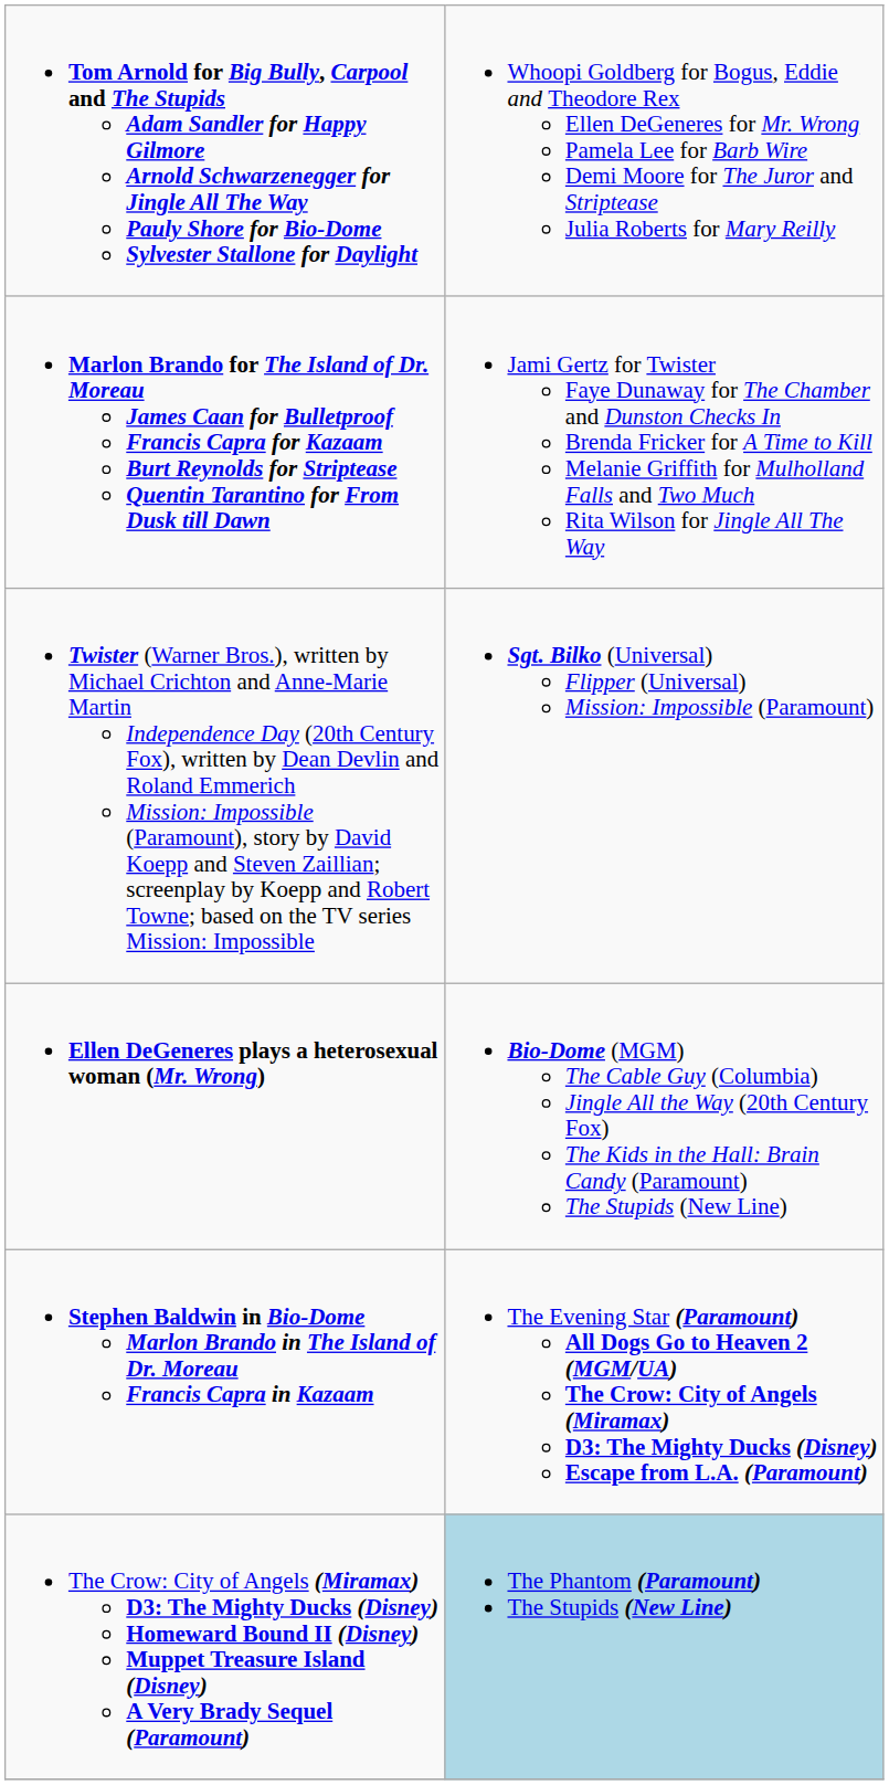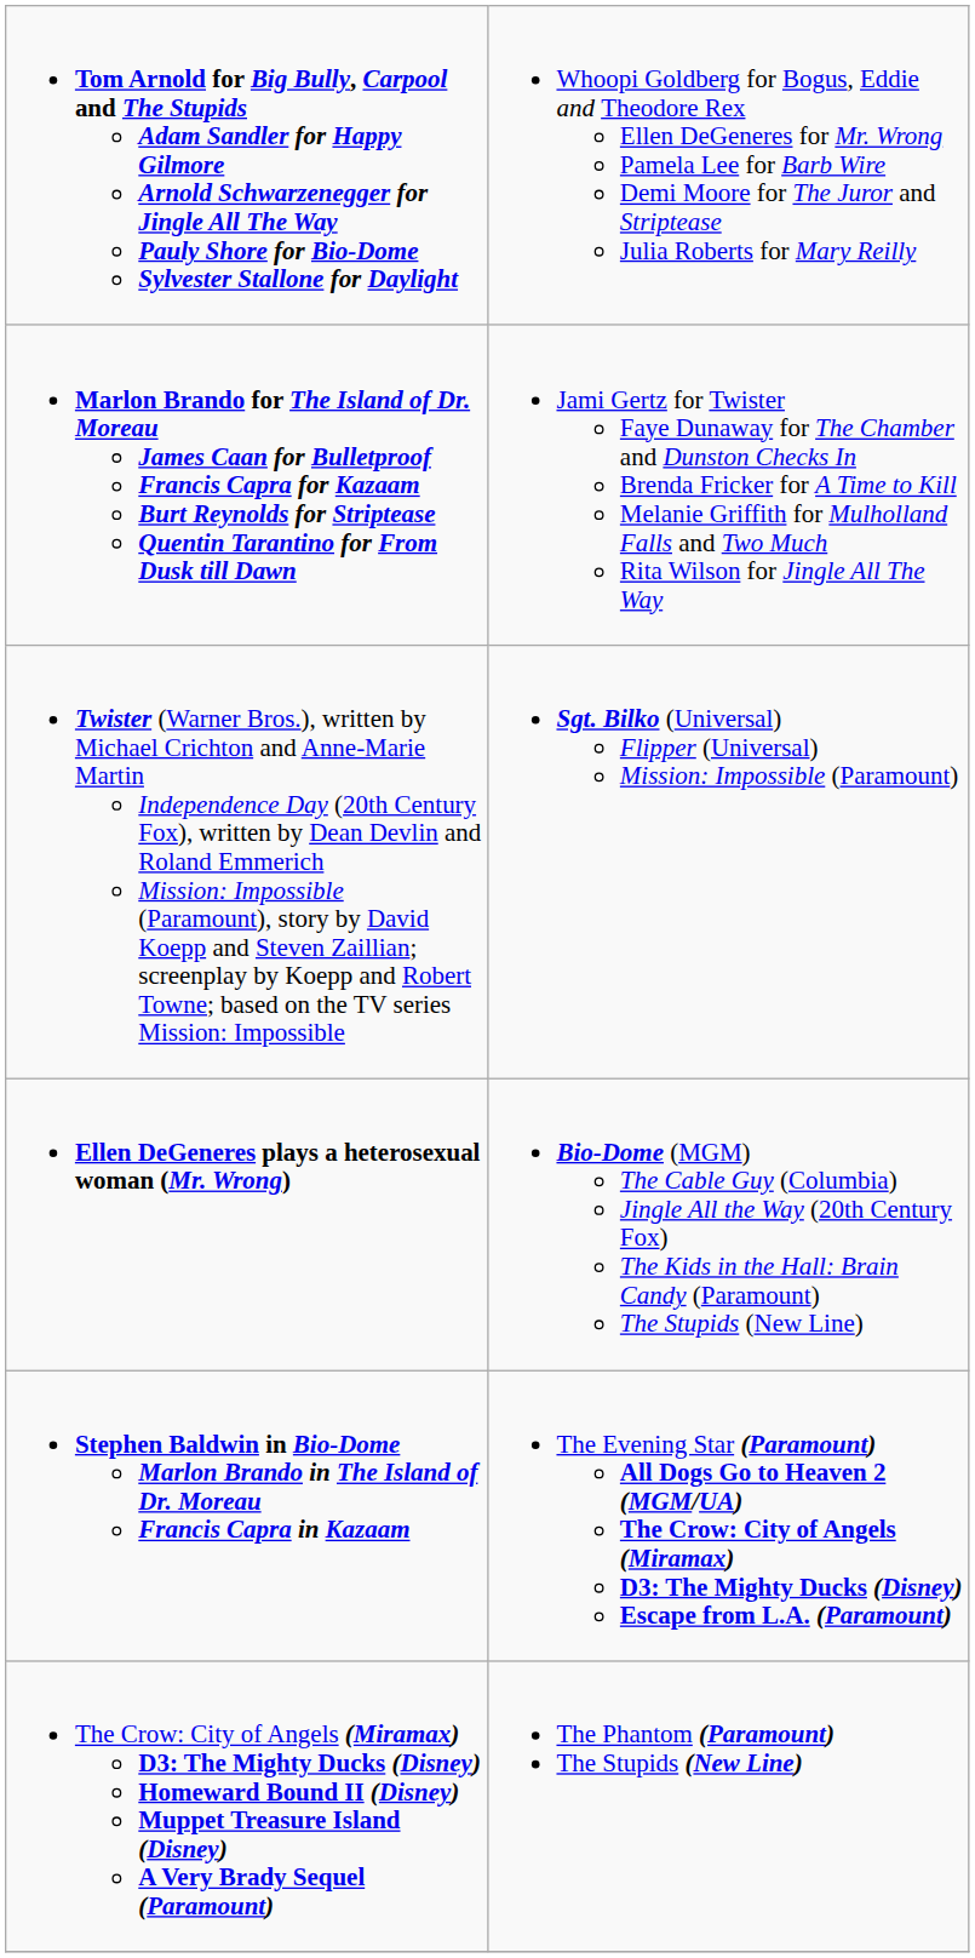 <table class=wikitable>
 <tr>
 <td valign="top" width="50%"><br><ul><li><strong><a href='#'>Tom Arnold</a> for <em><a href='#'>Big Bully</a></em>, <em><a href='#'>Carpool</a></em> and <em><a href='#'>The Stupids</a><strong><em><ul><li><a href='#'>Adam Sandler</a> for </em><a href='#'>Happy Gilmore</a><em></li><li><a href='#'>Arnold Schwarzenegger</a> for </em><a href='#'>Jingle All The Way</a><em></li><li><a href='#'>Pauly Shore</a> for </em><a href='#'>Bio-Dome</a><em></li><li><a href='#'>Sylvester Stallone</a> for </em><a href='#'>Daylight</a><em></li></ul></li></ul></td>
 <td valign="top" width="50%"><br><ul><li></strong><a href='#'>Whoopi Goldberg</a> for </em><a href='#'>Bogus</a><em>, </em><a href='#'>Eddie</a><em> and </em><a href='#'>Theodore Rex</a></em></strong><ul><li><a href='#'>Ellen DeGeneres</a> for <em><a href='#'>Mr. Wrong</a></em></li><li><a href='#'>Pamela Lee</a> for <em><a href='#'>Barb Wire</a></em></li><li><a href='#'>Demi Moore</a> for <em><a href='#'>The Juror</a></em> and <em><a href='#'>Striptease</a></em></li><li><a href='#'>Julia Roberts</a> for <em><a href='#'>Mary Reilly</a></em></li></ul></li></ul></td>
 </tr>
 <tr>
 <td valign="top" width="50%"><br><ul><li><strong><a href='#'>Marlon Brando</a> for <em><a href='#'>The Island of Dr. Moreau</a><strong><em><ul><li><a href='#'>James Caan</a> for </em><a href='#'>Bulletproof</a><em></li><li><a href='#'>Francis Capra</a> for </em><a href='#'>Kazaam</a><em></li><li><a href='#'>Burt Reynolds</a> for </em><a href='#'>Striptease</a><em></li><li><a href='#'>Quentin Tarantino</a> for </em><a href='#'>From Dusk till Dawn</a><em></li></ul></li></ul></td>
 <td valign="top" width="50%"><br><ul><li></strong><a href='#'>Jami Gertz</a> for </em><a href='#'>Twister</a></em></strong><ul><li><a href='#'>Faye Dunaway</a> for <em><a href='#'>The Chamber</a></em> and <em><a href='#'>Dunston Checks In</a></em></li><li><a href='#'>Brenda Fricker</a> for <em><a href='#'>A Time to Kill</a></em></li><li><a href='#'>Melanie Griffith</a> for <em><a href='#'>Mulholland Falls</a></em> and <em><a href='#'>Two Much</a></em></li><li><a href='#'>Rita Wilson</a> for <em><a href='#'>Jingle All The Way</a></em></li></ul></li></ul></td>
 </tr>
 <tr>
 <td valign="top" width="50%"><br><ul><li><strong><em><a href='#'>Twister</a></em></strong> (<a href='#'>Warner Bros.</a>), written by <a href='#'>Michael Crichton</a> and <a href='#'>Anne-Marie Martin</a><ul><li><em><a href='#'>Independence Day</a></em> (<a href='#'>20th Century Fox</a>), written by <a href='#'>Dean Devlin</a> and <a href='#'>Roland Emmerich</a></li><li><em><a href='#'>Mission: Impossible</a></em> (<a href='#'>Paramount</a>), story by <a href='#'>David Koepp</a> and <a href='#'>Steven Zaillian</a>; screenplay by Koepp and <a href='#'>Robert Towne</a>; based on the TV series <a href='#'>Mission: Impossible</a></li></ul></li></ul></td>
 <td valign="top" width="50%"><br><ul><li><strong><em><a href='#'>Sgt. Bilko</a></em></strong> (<a href='#'>Universal</a>)<ul><li><em><a href='#'>Flipper</a></em> (<a href='#'>Universal</a>)</li><li><em><a href='#'>Mission: Impossible</a></em> (<a href='#'>Paramount</a>)</li></ul></li></ul></td>
 </tr>
 <tr>
 <td valign="top" width="50%"><br><ul><li><strong><a href='#'>Ellen DeGeneres</a> plays a heterosexual woman (<em><a href='#'>Mr. Wrong</a></em>)</strong></li></ul></td>
 <td valign="top" width="50%"><br><ul><li><strong><em><a href='#'>Bio-Dome</a></em></strong> (<a href='#'>MGM</a>)<ul><li><em><a href='#'>The Cable Guy</a></em> (<a href='#'>Columbia</a>)</li><li><em><a href='#'>Jingle All the Way</a></em> (<a href='#'>20th Century Fox</a>)</li><li><em><a href='#'>The Kids in the Hall: Brain Candy</a></em> (<a href='#'>Paramount</a>)</li><li><em><a href='#'>The Stupids</a></em> (<a href='#'>New Line</a>)</li></ul></li></ul></td>
 </tr>
 <tr>
 <td valign="top" width="50%"><br><ul><li><strong><a href='#'>Stephen Baldwin</a> in <em><a href='#'>Bio-Dome</a><strong><em><ul><li><a href='#'>Marlon Brando</a> in </em><a href='#'>The Island of Dr. Moreau</a><em></li><li><a href='#'>Francis Capra</a> in </em><a href='#'>Kazaam</a><em></li></ul></li></ul></td>
 <td valign="top" width="50%"><br><ul><li></em></strong><a href='#'>The Evening Star</a><strong><em> (<a href='#'>Paramount</a>)<ul><li></em><a href='#'>All Dogs Go to Heaven 2</a><em> (<a href='#'>MGM</a>/<a href='#'>UA</a>)</li><li></em><a href='#'>The Crow: City of Angels</a><em> (<a href='#'>Miramax</a>)</li><li></em><a href='#'>D3: The Mighty Ducks</a><em> (<a href='#'>Disney</a>)</li><li></em><a href='#'>Escape from L.A.</a><em> (<a href='#'>Paramount</a>)</li></ul></li></ul></td>
 </tr>
 <tr>
 <td valign="top" width="50%"><br><ul><li></em></strong><a href='#'>The Crow: City of Angels</a><strong><em> (<a href='#'>Miramax</a>)<ul><li></em><a href='#'>D3: The Mighty Ducks</a><em> (<a href='#'>Disney</a>)</li><li></em><a href='#'>Homeward Bound II</a><em> (<a href='#'>Disney</a>)</li><li></em><a href='#'>Muppet Treasure Island</a><em> (<a href='#'>Disney</a>)</li><li></em><a href='#'>A Very Brady Sequel</a><em> (<a href='#'>Paramount</a>)</li></ul></li></ul></td>
-<td valign="top" width="50%" style="background: lightblue;"><br><ul><li></em></strong><a href='#'>The Phantom</a><strong><em> (<a href='#'>Paramount</a>)</li><li></em></strong><a href='#'>The Stupids</a><strong><em> (<a href='#'>New Line</a>)</li></ul></td>
+<td valign="top" width="50%"><br><ul><li></em></strong><a href='#'>The Phantom</a><strong><em> (<a href='#'>Paramount</a>)</li><li></em></strong><a href='#'>The Stupids</a><strong><em> (<a href='#'>New Line</a>)</li></ul></td>
 </tr>
 <tr>
 </tr>
 </table>
